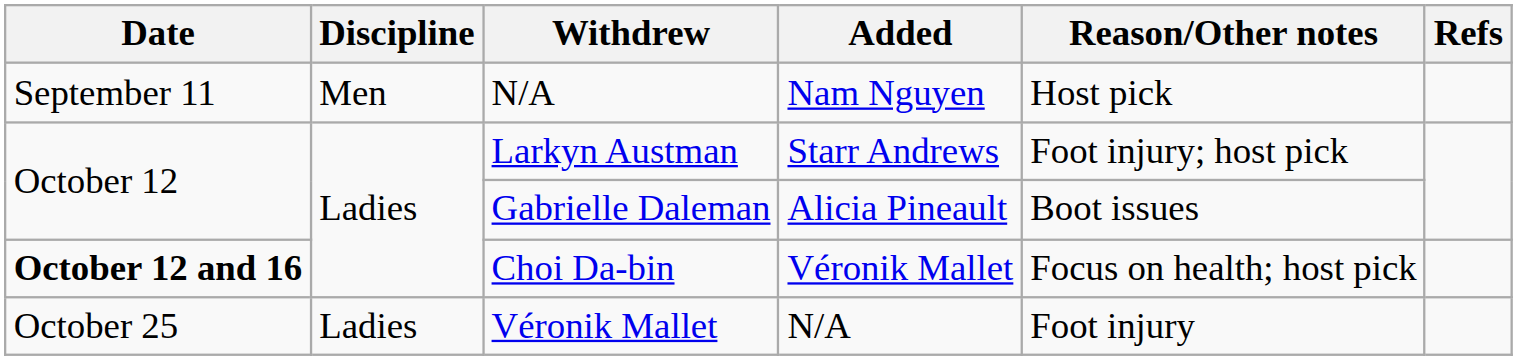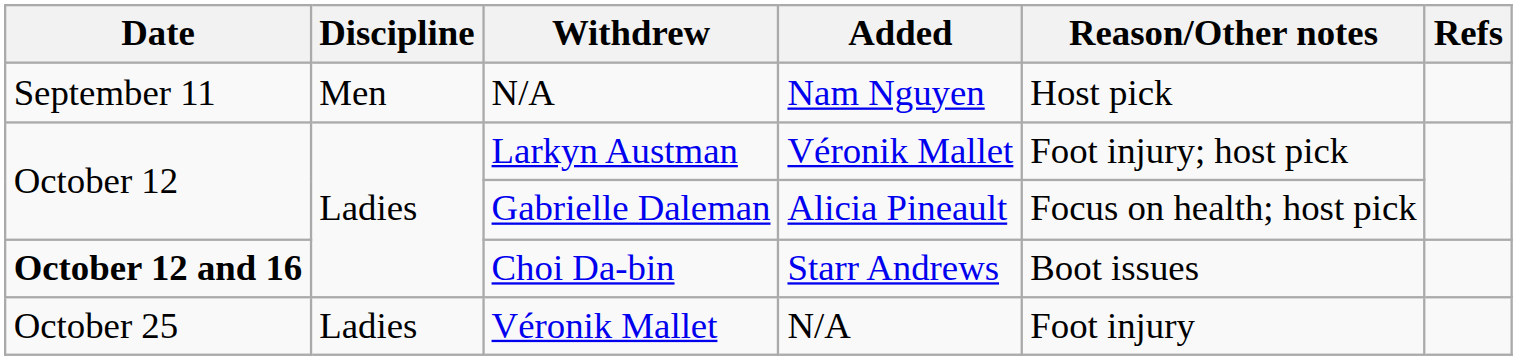 <table class="wikitable sortable">
 <tr>
 <th>Date</th>
 <th>Discipline</th>
 <th>Withdrew</th>
 <th>Added</th>
 <th>Reason/Other notes</th>
 <th>Refs</th>
 </tr>
 <tr>
 <td>September 11</td>
 <td>Men</td>
 <td>N/A</td>
 <td> <a href='#'>Nam Nguyen</a></td>
 <td>Host pick</td>
 <td></td>
 </tr>
 <tr>
 <td rowspan=2>October 12</td>
 <td rowspan=3>Ladies</td>
 <td> <a href='#'>Larkyn Austman</a></td>
-<td> <a href='#'>Starr Andrews</a></td>
+<td> <a href='#'>Véronik Mallet</a></td>
 <td>Foot injury; host pick</td>
 <td rowspan=2></td>
 </tr>
 <tr>
 <td> <a href='#'>Gabrielle Daleman</a></td>
 <td> <a href='#'>Alicia Pineault</a></td>
-<td>Boot issues</td>
+<td>Focus on health; host pick</td>
 </tr>
 <tr>
 <td><strong>October 12 and 16</strong></td>
 <td> <a href='#'>Choi Da-bin</a></td>
-<td> <a href='#'>Véronik Mallet</a></td>
-<td>Focus on health; host pick</td>
+<td> <a href='#'>Starr Andrews</a></td>
+<td>Boot issues</td>
 <td></td>
 </tr>
 <tr>
 <td>October 25</td>
 <td>Ladies</td>
 <td> <a href='#'>Véronik Mallet</a></td>
 <td>N/A</td>
 <td>Foot injury</td>
 <td></td>
 </tr>
 </table>
